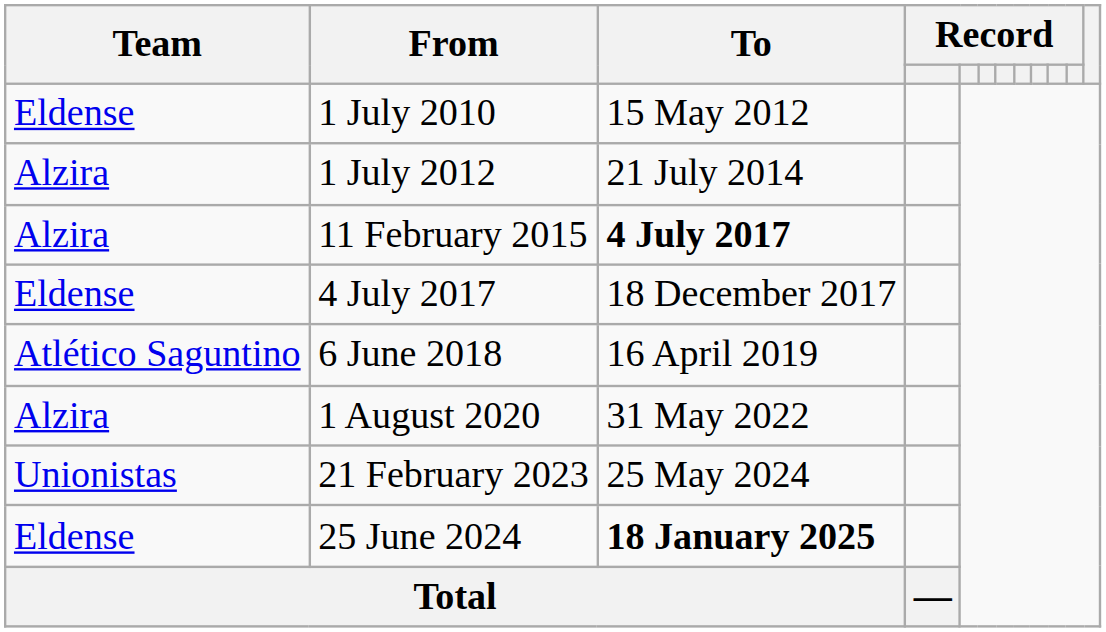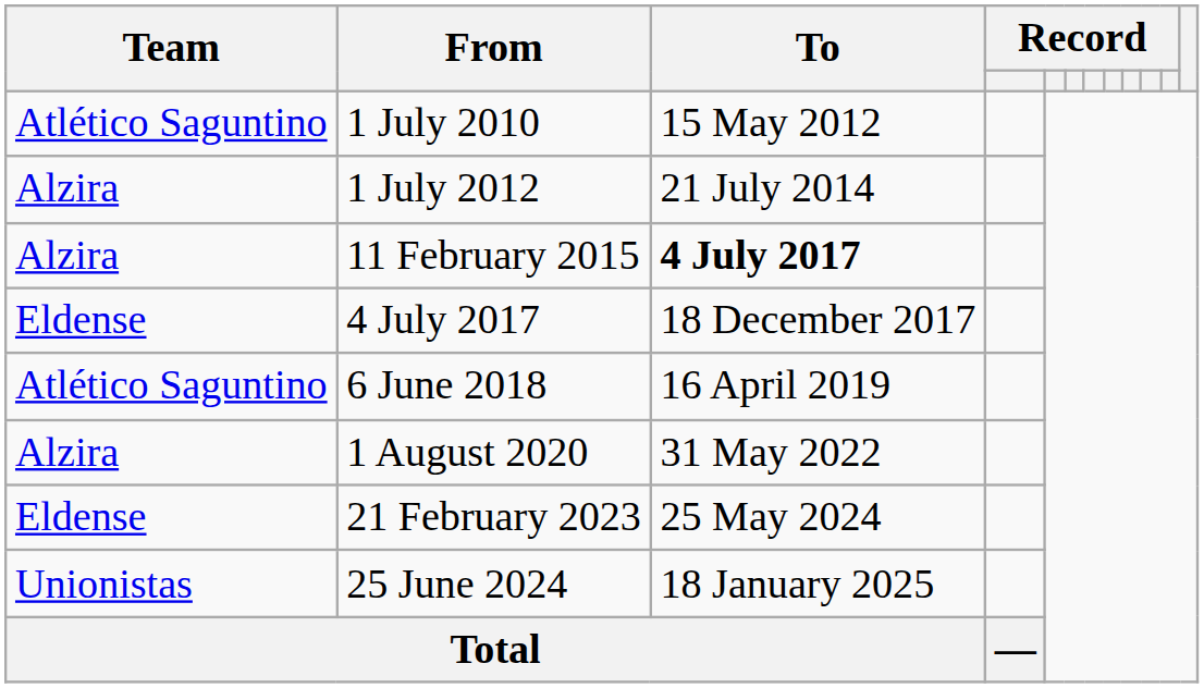 <table class="wikitable" style="text-align:center">
 <tr>
 <th rowspan="2">Team</th>
 <th rowspan="2">From</th>
 <th rowspan="2">To</th>
 <th colspan="8">Record</th>
 <th rowspan=2></th>
 </tr>
 <tr>
 <th></th>
 <th></th>
 <th></th>
 <th></th>
 <th></th>
 <th></th>
 <th></th>
 <th></th>
 </tr>
 <tr>
-<td align="left"><a href='#'>Eldense</a></td>
+<td align="left"><a href='#'>Atlético Saguntino</a></td>
 <td align="left">1 July 2010</td>
 <td align="left">15 May 2012<br></td>
 <td></td>
 </tr>
 <tr>
 <td align="left"><a href='#'>Alzira</a></td>
 <td align="left">1 July 2012</td>
 <td align="left">21 July 2014<br></td>
 <td></td>
 </tr>
 <tr>
 <td align="left"><a href='#'>Alzira</a></td>
 <td align="left">11 February 2015</td>
 <td align="left"><strong>4 July 2017<br></strong></td>
 <td></td>
 </tr>
 <tr>
 <td align="left"><a href='#'>Eldense</a></td>
 <td align="left">4 July 2017</td>
 <td align="left">18 December 2017<br></td>
 <td></td>
 </tr>
 <tr>
 <td align="left"><a href='#'>Atlético Saguntino</a></td>
 <td align="left">6 June 2018</td>
 <td align="left">16 April 2019<br></td>
 <td></td>
 </tr>
 <tr>
 <td align="left"><a href='#'>Alzira</a></td>
 <td align="left">1 August 2020</td>
 <td align="left">31 May 2022<br></td>
 <td></td>
 </tr>
 <tr>
-<td align="left"><a href='#'>Unionistas</a></td>
+<td align="left"><a href='#'>Eldense</a></td>
 <td align="left">21 February 2023</td>
 <td align="left">25 May 2024<br></td>
 <td></td>
 </tr>
 <tr>
-<td align="left"><a href='#'>Eldense</a></td>
+<td align="left"><a href='#'>Unionistas</a></td>
 <td align="left">25 June 2024</td>
-<td align="left"><strong>18 January 2025<br></strong></td>
+<td align="left">18 January 2025<br></td>
 <td></td>
 </tr>
 <tr>
 <th colspan="3">Total<br></th>
 <th>—</th>
 </tr>
 </table>
